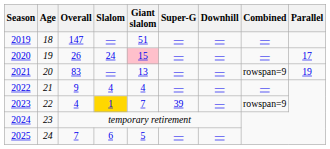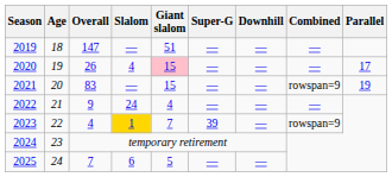 <table class="wikitable" style="font-size:95%; text-align:center;">
 <tr>
 <th>Season</th>
 <th>Age</th>
 <th>Overall</th>
 <th>Slalom</th>
 <th>Giant<br>slalom</th>
 <th>Super-G</th>
 <th>Downhill</th>
 <th>Combined</th>
 <th>Parallel</th>
 </tr>
 <tr>
 <td><a href='#'>2019</a></td>
 <td><em>18</em></td>
 <td><a href='#'>147</a></td>
 <td><a href='#'>—</a></td>
 <td><a href='#'>51</a></td>
 <td><a href='#'>—</a></td>
 <td><a href='#'>—</a></td>
 <td><a href='#'>—</a></td>
 <td></td>
 </tr>
 <tr>
 <td><a href='#'>2020</a></td>
 <td><em>19</em></td>
 <td><a href='#'>26</a></td>
-<td><a href='#'>24</a></td>
+<td><a href='#'>4</a></td>
 <td style="background: pink;"><a href='#'>15</a></td>
 <td><a href='#'>—</a></td>
 <td><a href='#'>—</a></td>
 <td><a href='#'>—</a></td>
 <td><a href='#'>17</a></td>
 </tr>
 <tr>
 <td><a href='#'>2021</a></td>
 <td><em>20</em></td>
 <td><a href='#'>83</a></td>
 <td><a href='#'>—</a></td>
-<td><a href='#'>13</a></td>
+<td><a href='#'>15</a></td>
 <td><a href='#'>—</a></td>
 <td><a href='#'>—</a></td>
 <td>rowspan=9 </td>
 <td><a href='#'>19</a></td>
 </tr>
 <tr>
 <td><a href='#'>2022</a></td>
 <td><em>21</em></td>
 <td><a href='#'>9</a></td>
-<td><a href='#'>4</a></td>
+<td><a href='#'>24</a></td>
 <td><a href='#'>4</a></td>
 <td><a href='#'>—</a></td>
 <td><a href='#'>—</a></td>
 <td><a href='#'>—</a></td>
 </tr>
 <tr>
 <td><a href='#'>2023</a></td>
 <td><em>22</em></td>
 <td><a href='#'>4</a></td>
 <td bgcolor=gold><a href='#'>1</a></td>
 <td><a href='#'>7</a></td>
 <td><a href='#'>39</a></td>
 <td><a href='#'>—</a></td>
 <td>rowspan=9</td>
 </tr>
 <tr>
 <td><a href='#'>2024</a></td>
 <td><em>23</em></td>
 <td colspan=5><em>temporary retirement</em></td>
 </tr>
 <tr>
 <td><a href='#'>2025</a></td>
 <td><em>24</em></td>
 <td><a href='#'>7</a></td>
 <td><a href='#'>6</a></td>
 <td><a href='#'>5</a></td>
 <td><a href='#'>—</a></td>
 <td><a href='#'>—</a></td>
 </tr>
 </table>
